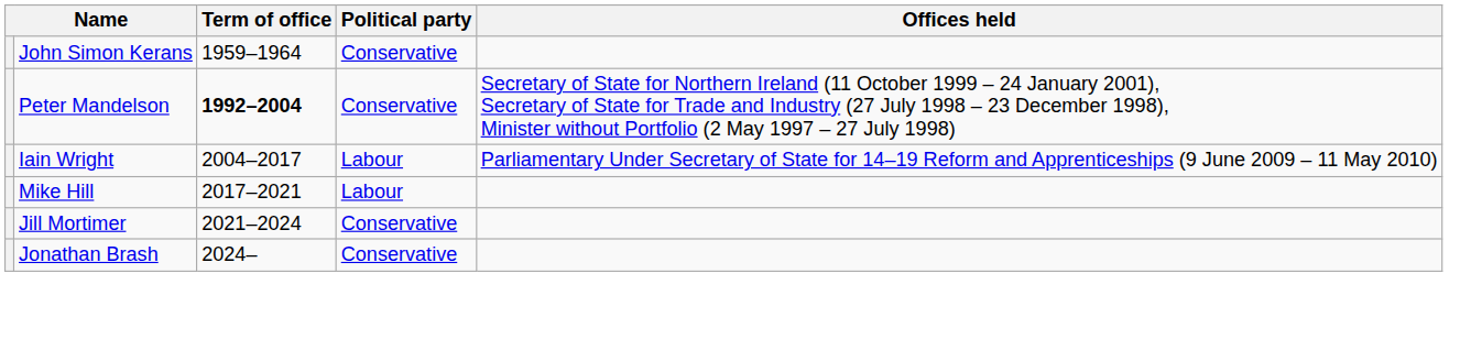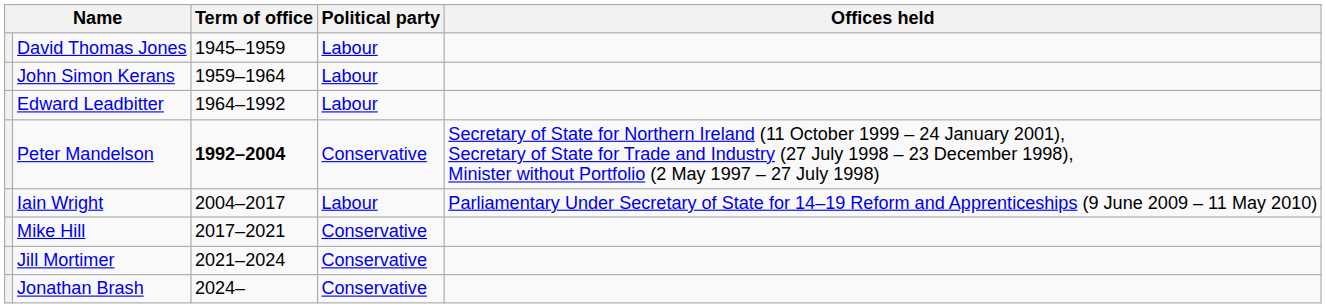 <table class="wikitable sortable">
 <tr>
 <th colspan="2" style="">Name</th>
 <th>Term of office</th>
 <th>Political party</th>
 <th class=unsortable>Offices held</th>
 </tr>
 <tr>
 <th style="background-color: "></th>
+<td><a href='#'>David Thomas Jones</a></td>
+<td>1945–1959</td>
+<td><a href='#'>Labour</a></td>
+<td></td>
+</tr>
+<tr>
+<th style="background-color: "></th>
 <td><a href='#'>John Simon Kerans</a></td>
 <td>1959–1964</td>
-<td><a href='#'>Conservative</a></td>
+<td><a href='#'>Labour</a></td>
+<td></td>
+</tr>
+<tr>
+<th style="background-color: "></th>
+<td><a href='#'>Edward Leadbitter</a></td>
+<td>1964–1992</td>
+<td><a href='#'>Labour</a></td>
 <td></td>
 </tr>
 <tr>
 <th style="background-color: "></th>
 <td><a href='#'>Peter Mandelson</a></td>
 <td><strong>1992–2004</strong></td>
 <td><a href='#'>Conservative</a></td>
 <td><a href='#'>Secretary of State for Northern Ireland</a> (11 October 1999 – 24 January 2001),<br> <a href='#'>Secretary of State for Trade and Industry</a> (27 July 1998 – 23 December 1998),<br> <a href='#'>Minister without Portfolio</a> (2 May 1997 – 27 July 1998)</td>
 </tr>
 <tr>
 <th style="background-color: "></th>
 <td><a href='#'>Iain Wright</a></td>
 <td>2004–2017</td>
 <td><a href='#'>Labour</a></td>
 <td><a href='#'>Parliamentary Under Secretary of State for 14–19 Reform and Apprenticeships</a> (9 June 2009 – 11 May 2010)</td>
 </tr>
 <tr>
 <th style="background-color: "></th>
 <td><a href='#'>Mike Hill</a></td>
 <td>2017–2021</td>
-<td><a href='#'>Labour</a></td>
+<td><a href='#'>Conservative</a></td>
 <td></td>
 </tr>
 <tr>
 <th style="background-color: "></th>
 <td><a href='#'>Jill Mortimer</a></td>
 <td>2021–2024</td>
 <td><a href='#'>Conservative</a></td>
 </tr>
 <tr>
 <th style="background-color: "></th>
 <td><a href='#'>Jonathan Brash</a></td>
 <td>2024–</td>
 <td><a href='#'>Conservative</a></td>
 <td></td>
 </tr>
 </table>
